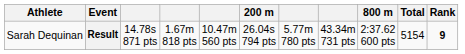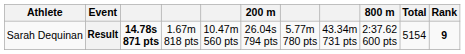 <table class=wikitable style="font-size:90%; text-align:center">
 <tr>
 <th>Athlete</th>
 <th>Event</th>
 <th></th>
 <th></th>
 <th></th>
 <th>200 m</th>
 <th></th>
 <th></th>
 <th>800 m</th>
 <th>Total</th>
 <th>Rank</th>
 </tr>
 <tr>
 <td align=left rowspan=2>Sarah Dequinan</td>
 <th style=font-size:95%>Result</th>
-<td>14.78s<br>871 pts</td>
+<td><strong>14.78s<br>871 pts</strong></td>
 <td>1.67m<br>818 pts</td>
 <td>10.47m<br>560 pts</td>
 <td>26.04s<br>794 pts</td>
 <td>5.77m<br>780 pts</td>
 <td>43.34m<br>731 pts</td>
 <td>2:37.62<br>600 pts</td>
 <td rowspan=2>5154</td>
 <td rowspan=2><strong>9</strong></td>
 </tr>
 </table>
